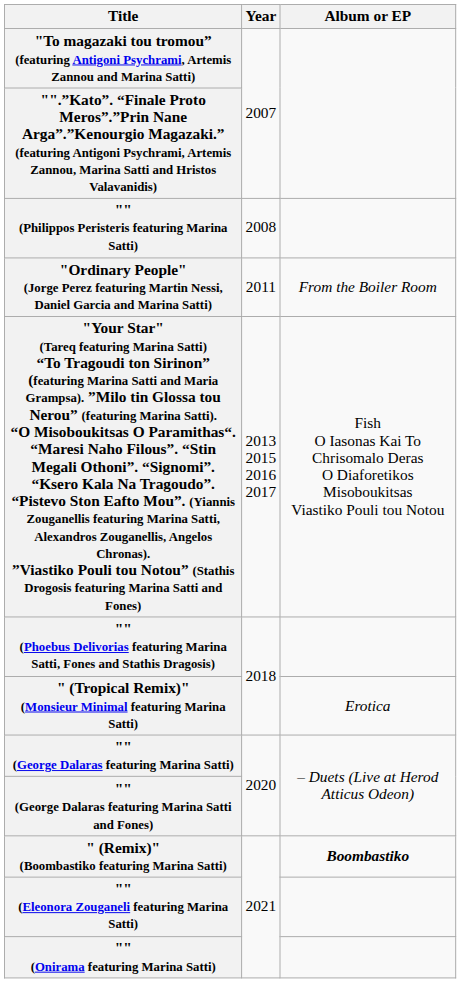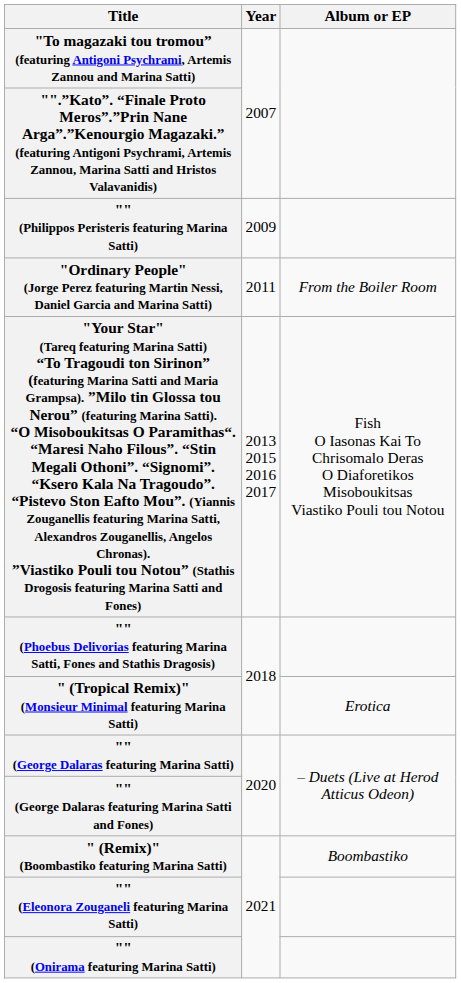 <table class="wikitable plainrowheaders" style="text-align:center;">
 <tr>
 <th scope="col" style="width:15em;">Title</th>
 <th scope="col">Year</th>
 <th scope="col" style="width:11em;">Album or EP</th>
 </tr>
 <tr>
 <th scope="row">"To magazaki tou tromou”<br><small>(featuring <a href='#'>Antigoni Psychrami</a>, Artemis Zannou and Marina Satti)</small></th>
 <td rowspan="2">2007</td>
 <td rowspan="2"></td>
 </tr>
 <tr>
 <th scope="row">"".”Kato”. “Finale Proto Meros”.”Prin Nane Arga”.”Kenourgio Magazaki.”<br><small>(featuring Antigoni Psychrami,  Artemis Zannou, Marina Satti and Hristos Valavanidis)</small></th>
 </tr>
 <tr>
 <th scope="row">""<br><small>(Philippos Peristeris featuring Marina Satti)</small></th>
-<td>2008</td>
+<td>2009</td>
 <td></td>
 </tr>
 <tr>
 <th scope="row">"Ordinary People"<br><small>(Jorge Perez featuring Martin Nessi, Daniel Garcia and Marina Satti)</small></th>
 <td>2011</td>
 <td><em>From the Boiler Room</em></td>
 </tr>
 <tr>
 <th scope="row">"Your Star"<br><small>(Tareq featuring Marina Satti)</small><br>“To Tragoudi ton Sirinon” (<small>featuring Marina Satti and Maria Grampsa).</small> ”Milo tin Glossa tou Nerou” <small>(featuring Marina Satti).</small><br>“O Misoboukitsas O    Paramithas“. “Maresi Naho Filous”. “Stin Megali Othoni”. “Signomi”. “Ksero Kala Na Tragoudo”. “Pistevo Ston Eafto Mou”. <small>(Yiannis Zouganellis featuring Marina Satti,  Alexandros Zouganellis, Angelos Chronas).</small><br>”Viastiko Pouli tou Notou”               <small>(Stathis Drogosis featuring Marina Satti and Fones)</small></th>
 <td>2013<br>2015<br>2016<br>2017</td>
 <td>Fish<br>O Iasonas Kai To Chrisomalo Deras<br>O Diaforetikos Misoboukitsas<br>Viastiko Pouli tou Notou</td>
 </tr>
 <tr>
 <th scope="row">""<br><small>(<a href='#'>Phoebus Delivorias</a> featuring Marina Satti, Fones and Stathis Dragosis)</small></th>
 <td rowspan="2">2018</td>
 <td></td>
 </tr>
 <tr>
 <th scope="row">" (Tropical Remix)"<br><small>(<a href='#'>Monsieur Minimal</a> featuring Marina Satti)</small></th>
 <td><em>Εrotica</em></td>
 </tr>
 <tr>
 <th scope="row">""<br><small>(<a href='#'>George Dalaras</a> featuring Marina Satti)</small></th>
 <td rowspan="2">2020</td>
 <td rowspan="2"> <em>– Duets (Live at Herod Atticus Odeon)</em></td>
 </tr>
 <tr>
 <th scope="row">""<br><small>(George Dalaras featuring Marina Satti and Fones)</small></th>
 </tr>
 <tr>
 <th scope="row">" (Remix)"<br><small>(Boombastiko featuring Marina Satti)</small></th>
 <td rowspan="3">2021</td>
-<td><strong><em>Boombastiko</em></strong></td>
+<td><em>Boombastiko</em></td>
 </tr>
 <tr>
 <th scope="row">""<br><small>(<a href='#'>Eleonora Zouganeli</a> featuring Marina Satti)</small></th>
 <td></td>
 </tr>
 <tr>
 <th scope="row">""<br><small>(<a href='#'>Onirama</a> featuring Marina Satti)</small></th>
 <td></td>
 </tr>
 </table>
